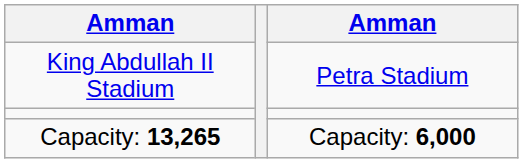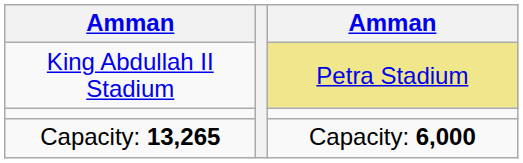 <table class="wikitable" style="text-align:center;">
 <tr>
 <th width=160><a href='#'>Amman</a></th>
 <th rowspan=4><br></th>
 <th width=160><a href='#'>Amman</a></th>
 </tr>
 <tr>
 <td><a href='#'>King Abdullah II Stadium</a></td>
-<td><a href='#'>Petra Stadium</a></td>
+<td style="background: khaki;"><a href='#'>Petra Stadium</a></td>
 </tr>
 <tr>
 <td></td>
 <td></td>
 </tr>
 <tr>
 <td>Capacity: <strong>13,265</strong></td>
 <td>Capacity: <strong>6,000</strong></td>
 </tr>
 </table>
